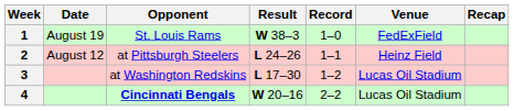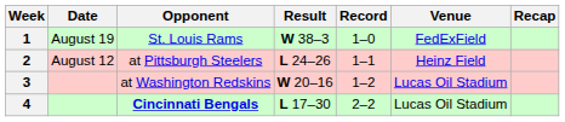 <table class="wikitable" style="text-align:center">
 <tr>
 <th>Week</th>
 <th>Date</th>
 <th>Opponent</th>
 <th>Result</th>
 <th>Record</th>
 <th>Venue</th>
 <th>Recap</th>
 </tr>
 <tr style="background:#cfc">
 <th>1</th>
 <td>August 19</td>
 <td><a href='#'>St. Louis Rams</a></td>
 <td><strong>W</strong> 38–3</td>
 <td>1–0</td>
 <td><a href='#'>FedExField</a></td>
 <td></td>
 </tr>
 <tr style="background:#fcc">
 <th>2</th>
 <td>August 12</td>
 <td>at <a href='#'>Pittsburgh Steelers</a></td>
 <td><strong>L</strong> 24–26</td>
 <td>1–1</td>
 <td><a href='#'>Heinz Field</a></td>
 <td></td>
 </tr>
 <tr style="background:#fcc">
 <th>3</th>
 <td></td>
 <td>at <a href='#'>Washington Redskins</a></td>
-<td><strong>L</strong> 17–30</td>
+<td><strong>W</strong> 20–16</td>
 <td>1–2</td>
 <td><a href='#'>Lucas Oil Stadium</a></td>
 <td></td>
 </tr>
 <tr style="background:#cfc">
 <th>4</th>
 <td></td>
 <td><strong><a href='#'>Cincinnati Bengals</a></strong></td>
-<td><strong>W</strong> 20–16</td>
+<td><strong>L</strong> 17–30</td>
 <td>2–2</td>
 <td>Lucas Oil Stadium</td>
 <td></td>
 </tr>
 </table>
